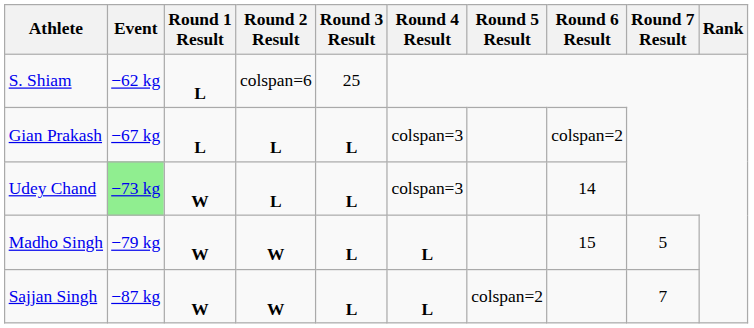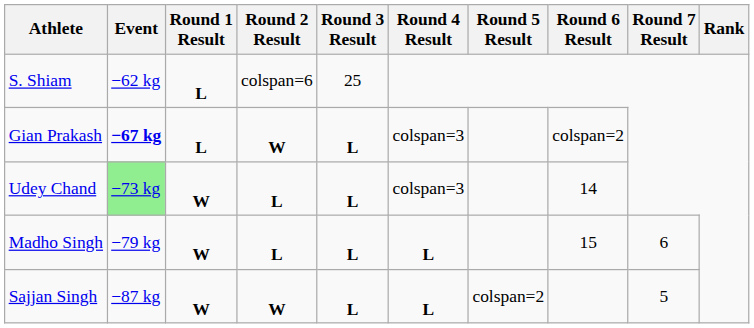 <table class="wikitable" style="font-size:90%">
 <tr>
 <th>Athlete</th>
 <th>Event</th>
 <th>Round 1<br>Result</th>
 <th>Round 2<br>Result</th>
 <th>Round 3<br>Result</th>
 <th>Round 4<br>Result</th>
 <th>Round 5<br>Result</th>
 <th>Round 6<br>Result</th>
 <th>Round 7<br>Result</th>
 <th>Rank</th>
 </tr>
 <tr align=center>
 <td align=left><a href='#'>S. Shiam</a></td>
 <td align=left><a href='#'>−62 kg</a></td>
 <td><br><strong>L</strong> <sup></sup></td>
 <td>colspan=6 </td>
 <td>25</td>
 </tr>
 <tr align=center>
 <td align=left><a href='#'>Gian Prakash</a></td>
-<td align=left><a href='#'>−67 kg</a></td>
+<td align=left><strong><a href='#'>−67 kg</a></strong></td>
 <td><br><strong>L</strong> <sup></sup></td>
-<td><br><strong>L</strong> <sup></sup></td>
+<td><br><strong>W</strong> <sup></sup></td>
 <td><br><strong>L</strong> <sup></sup></td>
 <td>colspan=3 </td>
 <td></td>
 <td>colspan=2 </td>
 </tr>
 <tr align=center>
 <td align=left><a href='#'>Udey Chand</a></td>
 <td align=left style="background: lightgreen;"><a href='#'>−73 kg</a></td>
 <td><br><strong>W</strong> <sup></sup></td>
 <td><br><strong>L</strong> <sup></sup></td>
 <td><br><strong>L</strong> <sup></sup></td>
 <td>colspan=3 </td>
 <td></td>
 <td>14</td>
 </tr>
 <tr align=center>
 <td align=left><a href='#'>Madho Singh</a></td>
 <td align=left><a href='#'>−79 kg</a></td>
 <td><br><strong>W</strong> <sup></sup></td>
-<td><br><strong>W</strong> <sup></sup></td>
+<td><br><strong>L</strong> <sup></sup></td>
 <td><br><strong>L</strong> <sup></sup></td>
 <td><br><strong>L</strong> <sup></sup></td>
 <td></td>
 <td>15</td>
-<td>5</td>
+<td>6</td>
 </tr>
 <tr align=center>
 <td align=left><a href='#'>Sajjan Singh</a></td>
 <td align=left><a href='#'>−87 kg</a></td>
 <td><br><strong>W</strong> <sup></sup></td>
 <td><br><strong>W</strong> <sup></sup></td>
 <td><br><strong>L</strong> <sup></sup></td>
 <td><br><strong>L</strong> <sup></sup></td>
 <td>colspan=2 </td>
 <td></td>
-<td>7</td>
+<td>5</td>
 </tr>
 </table>
